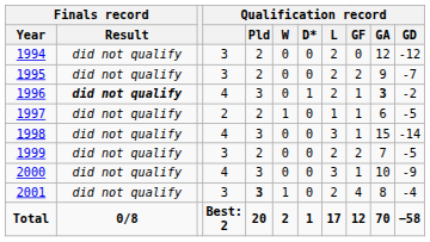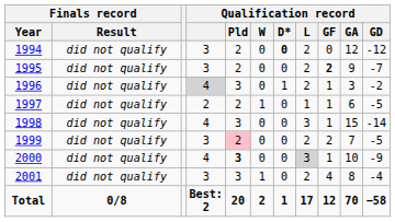 <table class="wikitable" style="text-align: center;">
 <tr>
 <th colspan=2 width="200">Finals record</th>
 <th rowspan=2></th>
 <th colspan=8>Qualification record</th>
 </tr>
 <tr>
 <th>Year</th>
 <th>Result</th>
 <th width=20></th>
 <th width=20>Pld</th>
 <th width=20>W</th>
 <th width=20>D*</th>
 <th width=20>L</th>
 <th width=20>GF</th>
 <th width=20>GA</th>
 <th width=25>GD</th>
 </tr>
 <tr>
 <td> <a href='#'>1994</a></td>
 <td><em>did not qualify</em></td>
 <td></td>
 <td>3</td>
 <td>2</td>
 <td>0</td>
-<td>0</td>
+<td><strong>0</strong></td>
 <td>2</td>
 <td>0</td>
 <td>12</td>
 <td>-12</td>
 </tr>
 <tr>
 <td> <a href='#'>1995</a></td>
 <td><em>did not qualify</em></td>
 <td></td>
 <td>3</td>
 <td>2</td>
 <td>0</td>
 <td>0</td>
 <td>2</td>
-<td>2</td>
+<td><strong>2</strong></td>
 <td>9</td>
 <td>-7</td>
 </tr>
 <tr>
 <td> <a href='#'>1996</a></td>
-<td><strong><em>did not qualify</em></strong></td>
+<td><em>did not qualify</em></td>
 <td></td>
-<td>4</td>
+<td style="background: lightgrey;">4</td>
 <td>3</td>
 <td>0</td>
 <td>1</td>
 <td>2</td>
 <td>1</td>
-<td><strong>3</strong></td>
+<td>3</td>
 <td>-2</td>
 </tr>
 <tr>
 <td> <a href='#'>1997</a></td>
 <td><em>did not qualify</em></td>
 <td></td>
 <td>2</td>
 <td>2</td>
 <td>1</td>
 <td>0</td>
 <td>1</td>
 <td>1</td>
 <td>6</td>
 <td>-5</td>
 </tr>
 <tr>
 <td> <a href='#'>1998</a></td>
 <td><em>did not qualify</em></td>
 <td></td>
 <td>4</td>
 <td>3</td>
 <td>0</td>
 <td>0</td>
 <td>3</td>
 <td>1</td>
 <td>15</td>
 <td>-14</td>
 </tr>
 <tr>
 <td> <a href='#'>1999</a></td>
 <td><em>did not qualify</em></td>
 <td></td>
 <td>3</td>
-<td>2</td>
+<td style="background: pink;">2</td>
 <td>0</td>
 <td>0</td>
 <td>2</td>
 <td>2</td>
 <td>7</td>
 <td>-5</td>
 </tr>
 <tr>
 <td> <a href='#'>2000</a></td>
 <td><em>did not qualify</em></td>
 <td></td>
 <td>4</td>
-<td>3</td>
+<td><strong>3</strong></td>
 <td>0</td>
 <td>0</td>
-<td>3</td>
+<td style="background: lightgrey;">3</td>
 <td>1</td>
 <td>10</td>
 <td>-9</td>
 </tr>
 <tr>
 <td> <a href='#'>2001</a></td>
 <td><em>did not qualify</em></td>
 <td></td>
 <td>3</td>
-<td><strong>3</strong></td>
+<td>3</td>
 <td>1</td>
 <td>0</td>
 <td>2</td>
 <td>4</td>
 <td>8</td>
 <td>-4</td>
 </tr>
 <tr>
 <td><strong>Total</strong></td>
 <td><strong>0/8</strong></td>
 <td></td>
 <td><strong>Best: 2</strong></td>
 <td><strong>20</strong></td>
 <td><strong>2</strong></td>
 <td><strong>1</strong></td>
 <td><strong>17</strong></td>
 <td><strong>12</strong></td>
 <td><strong>70</strong></td>
 <td><strong>−58</strong></td>
 </tr>
 </table>
